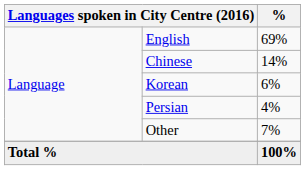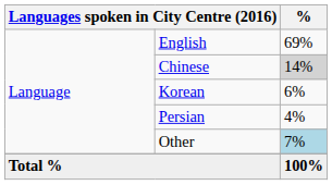 <table class="wikitable">
 <tr>
 <th colspan=2><a href='#'>Languages</a> spoken in City Centre (2016)<br></th>
 <th>%</th>
 </tr>
 <tr>
 <td rowspan=5><a href='#'>Language</a></td>
 <td><a href='#'>English</a></td>
 <td>69%</td>
 </tr>
 <tr>
 <td><a href='#'>Chinese</a></td>
-<td>14%</td>
+<td style="background: lightgrey;">14%</td>
 </tr>
 <tr>
 <td><a href='#'>Korean</a></td>
 <td>6%</td>
 </tr>
 <tr>
 <td><a href='#'>Persian</a></td>
 <td>4%</td>
 </tr>
 <tr>
 <td>Other</td>
-<td>7%</td>
+<td style="background: lightblue;">7%</td>
 </tr>
 <tr>
 </tr>
 <tr style="background:#efefef; font-weight:bold">
 <td colspan=2>Total %</td>
 <td>100%</td>
 </tr>
 </table>
